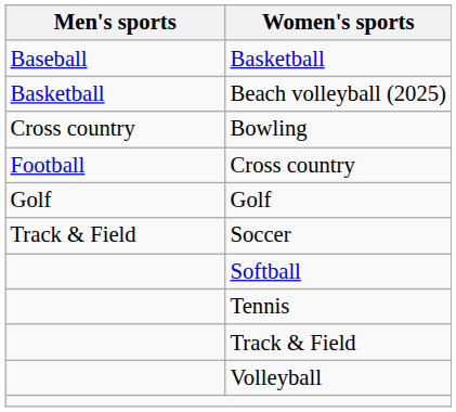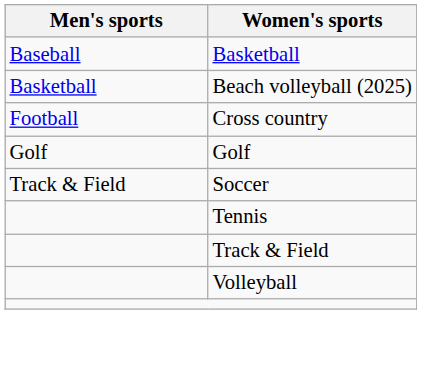 <table class="wikitable" style="float:right; clear:right; margin:0 0 1em 1em;">
 <tr>
 <th width=150px>Men's sports</th>
 <th width=px>Women's sports</th>
 </tr>
 <tr>
 <td><a href='#'>Baseball</a></td>
 <td><a href='#'>Basketball</a></td>
 </tr>
 <tr>
 <td><a href='#'>Basketball</a></td>
 <td>Beach volleyball (2025)</td>
 </tr>
 <tr>
-<td>Cross country</td>
-<td>Bowling</td>
-</tr>
-<tr>
 <td><a href='#'>Football</a></td>
 <td>Cross country</td>
 </tr>
 <tr>
 <td>Golf</td>
 <td>Golf</td>
 </tr>
 <tr>
 <td>Track & Field</td>
 <td>Soccer</td>
-</tr>
-<tr>
-<td></td>
-<td><a href='#'>Softball</a></td>
 </tr>
 <tr>
 <td></td>
 <td>Tennis</td>
 </tr>
 <tr>
 <td></td>
 <td>Track & Field</td>
 </tr>
 <tr>
 <td></td>
 <td>Volleyball</td>
 </tr>
 <tr>
 <td colspan="2"></td>
 </tr>
 </table>
